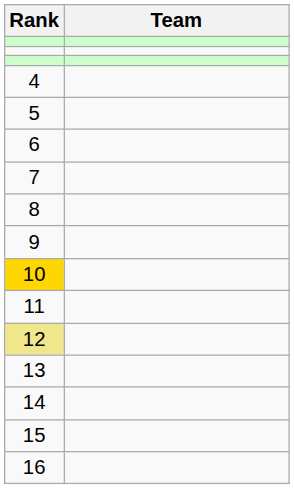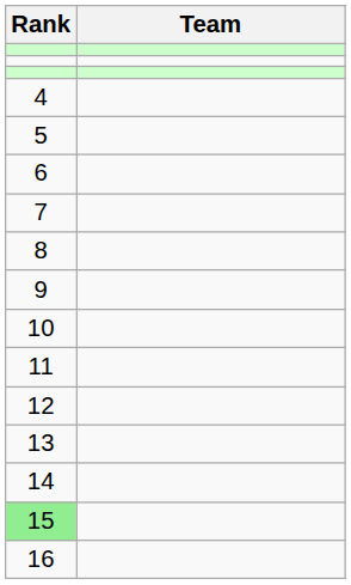 <table class="wikitable">
 <tr>
 <th>Rank</th>
 <th width=170>Team</th>
 </tr>
 <tr bgcolor=ccffcc>
 <td align=center></td>
 <td></td>
 </tr>
 <tr>
 <td align=center></td>
 <td></td>
 </tr>
 <tr bgcolor=ccffcc>
 <td align=center></td>
 <td></td>
 </tr>
 <tr>
 <td align=center>4</td>
 <td></td>
 </tr>
 <tr>
 <td align=center>5</td>
 <td></td>
 </tr>
 <tr>
 <td align=center>6</td>
 <td></td>
 </tr>
 <tr>
 <td align=center>7</td>
 <td></td>
 </tr>
 <tr>
 <td align=center>8</td>
 <td></td>
 </tr>
 <tr>
 <td align=center>9</td>
 <td></td>
 </tr>
 <tr>
-<td align=center style="background: gold;">10</td>
+<td align=center>10</td>
 <td></td>
 </tr>
 <tr>
 <td align=center>11</td>
 <td></td>
 </tr>
 <tr>
-<td align=center style="background: khaki;">12</td>
+<td align=center>12</td>
 <td></td>
 </tr>
 <tr>
 <td align=center>13</td>
 <td></td>
 </tr>
 <tr>
 <td align=center>14</td>
 <td></td>
 </tr>
 <tr>
-<td align=center>15</td>
+<td align=center style="background: lightgreen;">15</td>
 <td></td>
 </tr>
 <tr>
 <td align=center>16</td>
 <td></td>
 </tr>
 </table>
